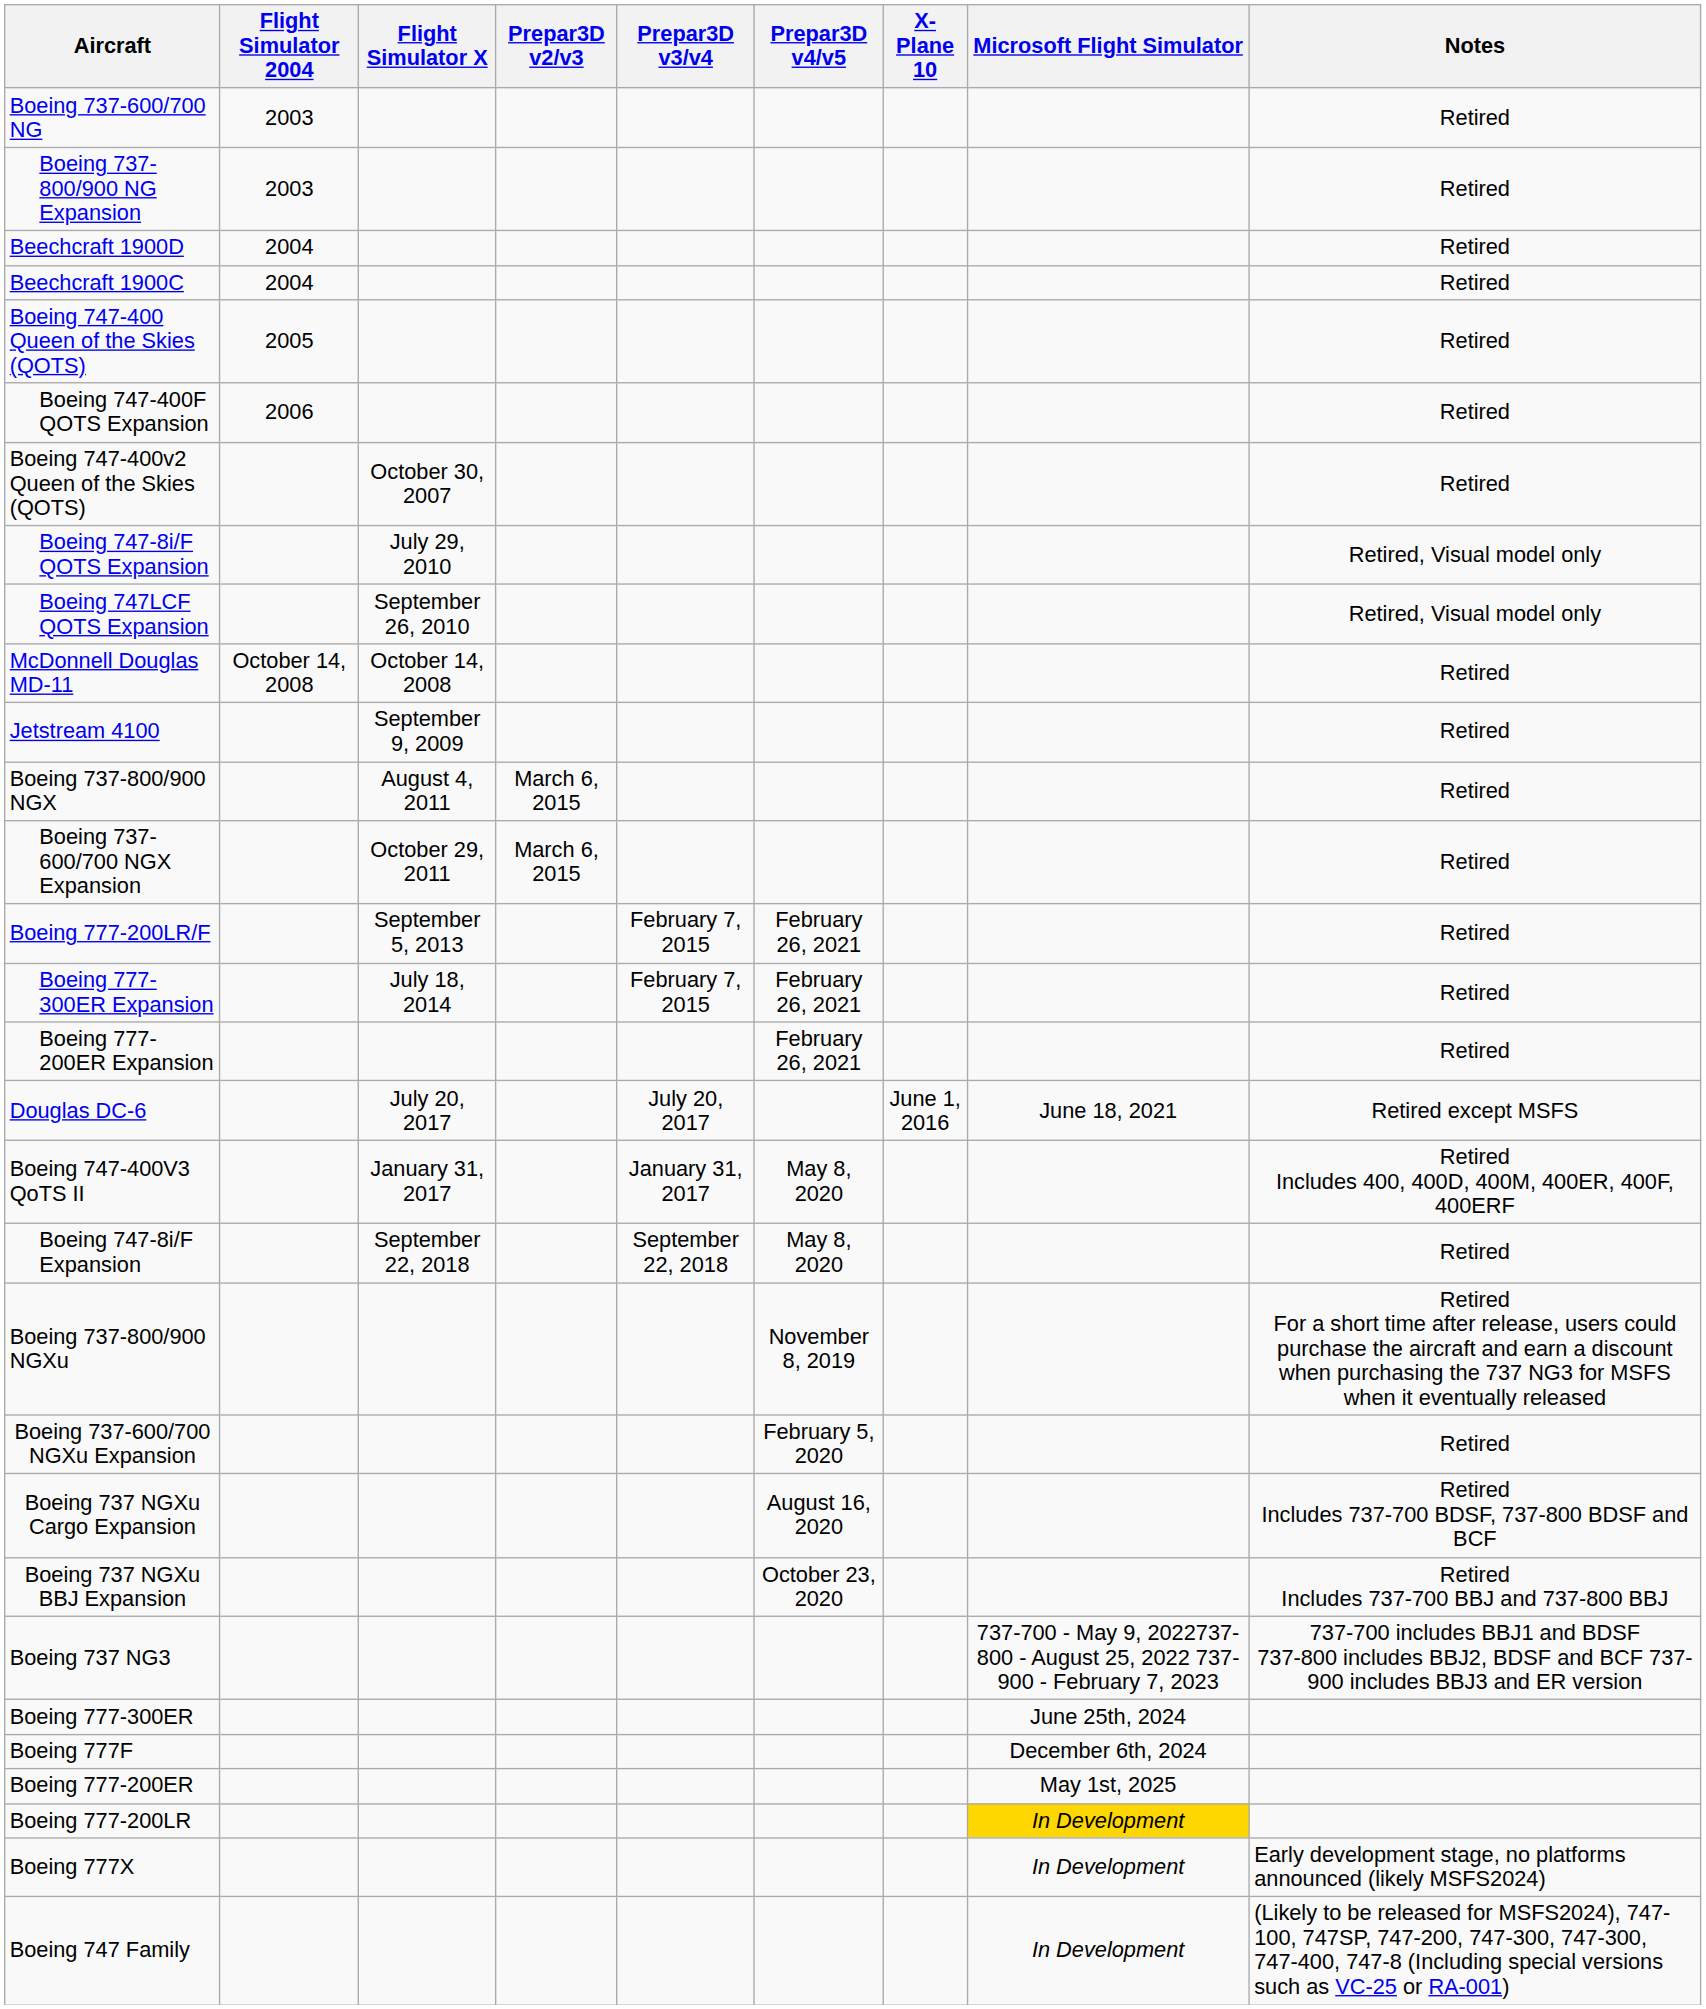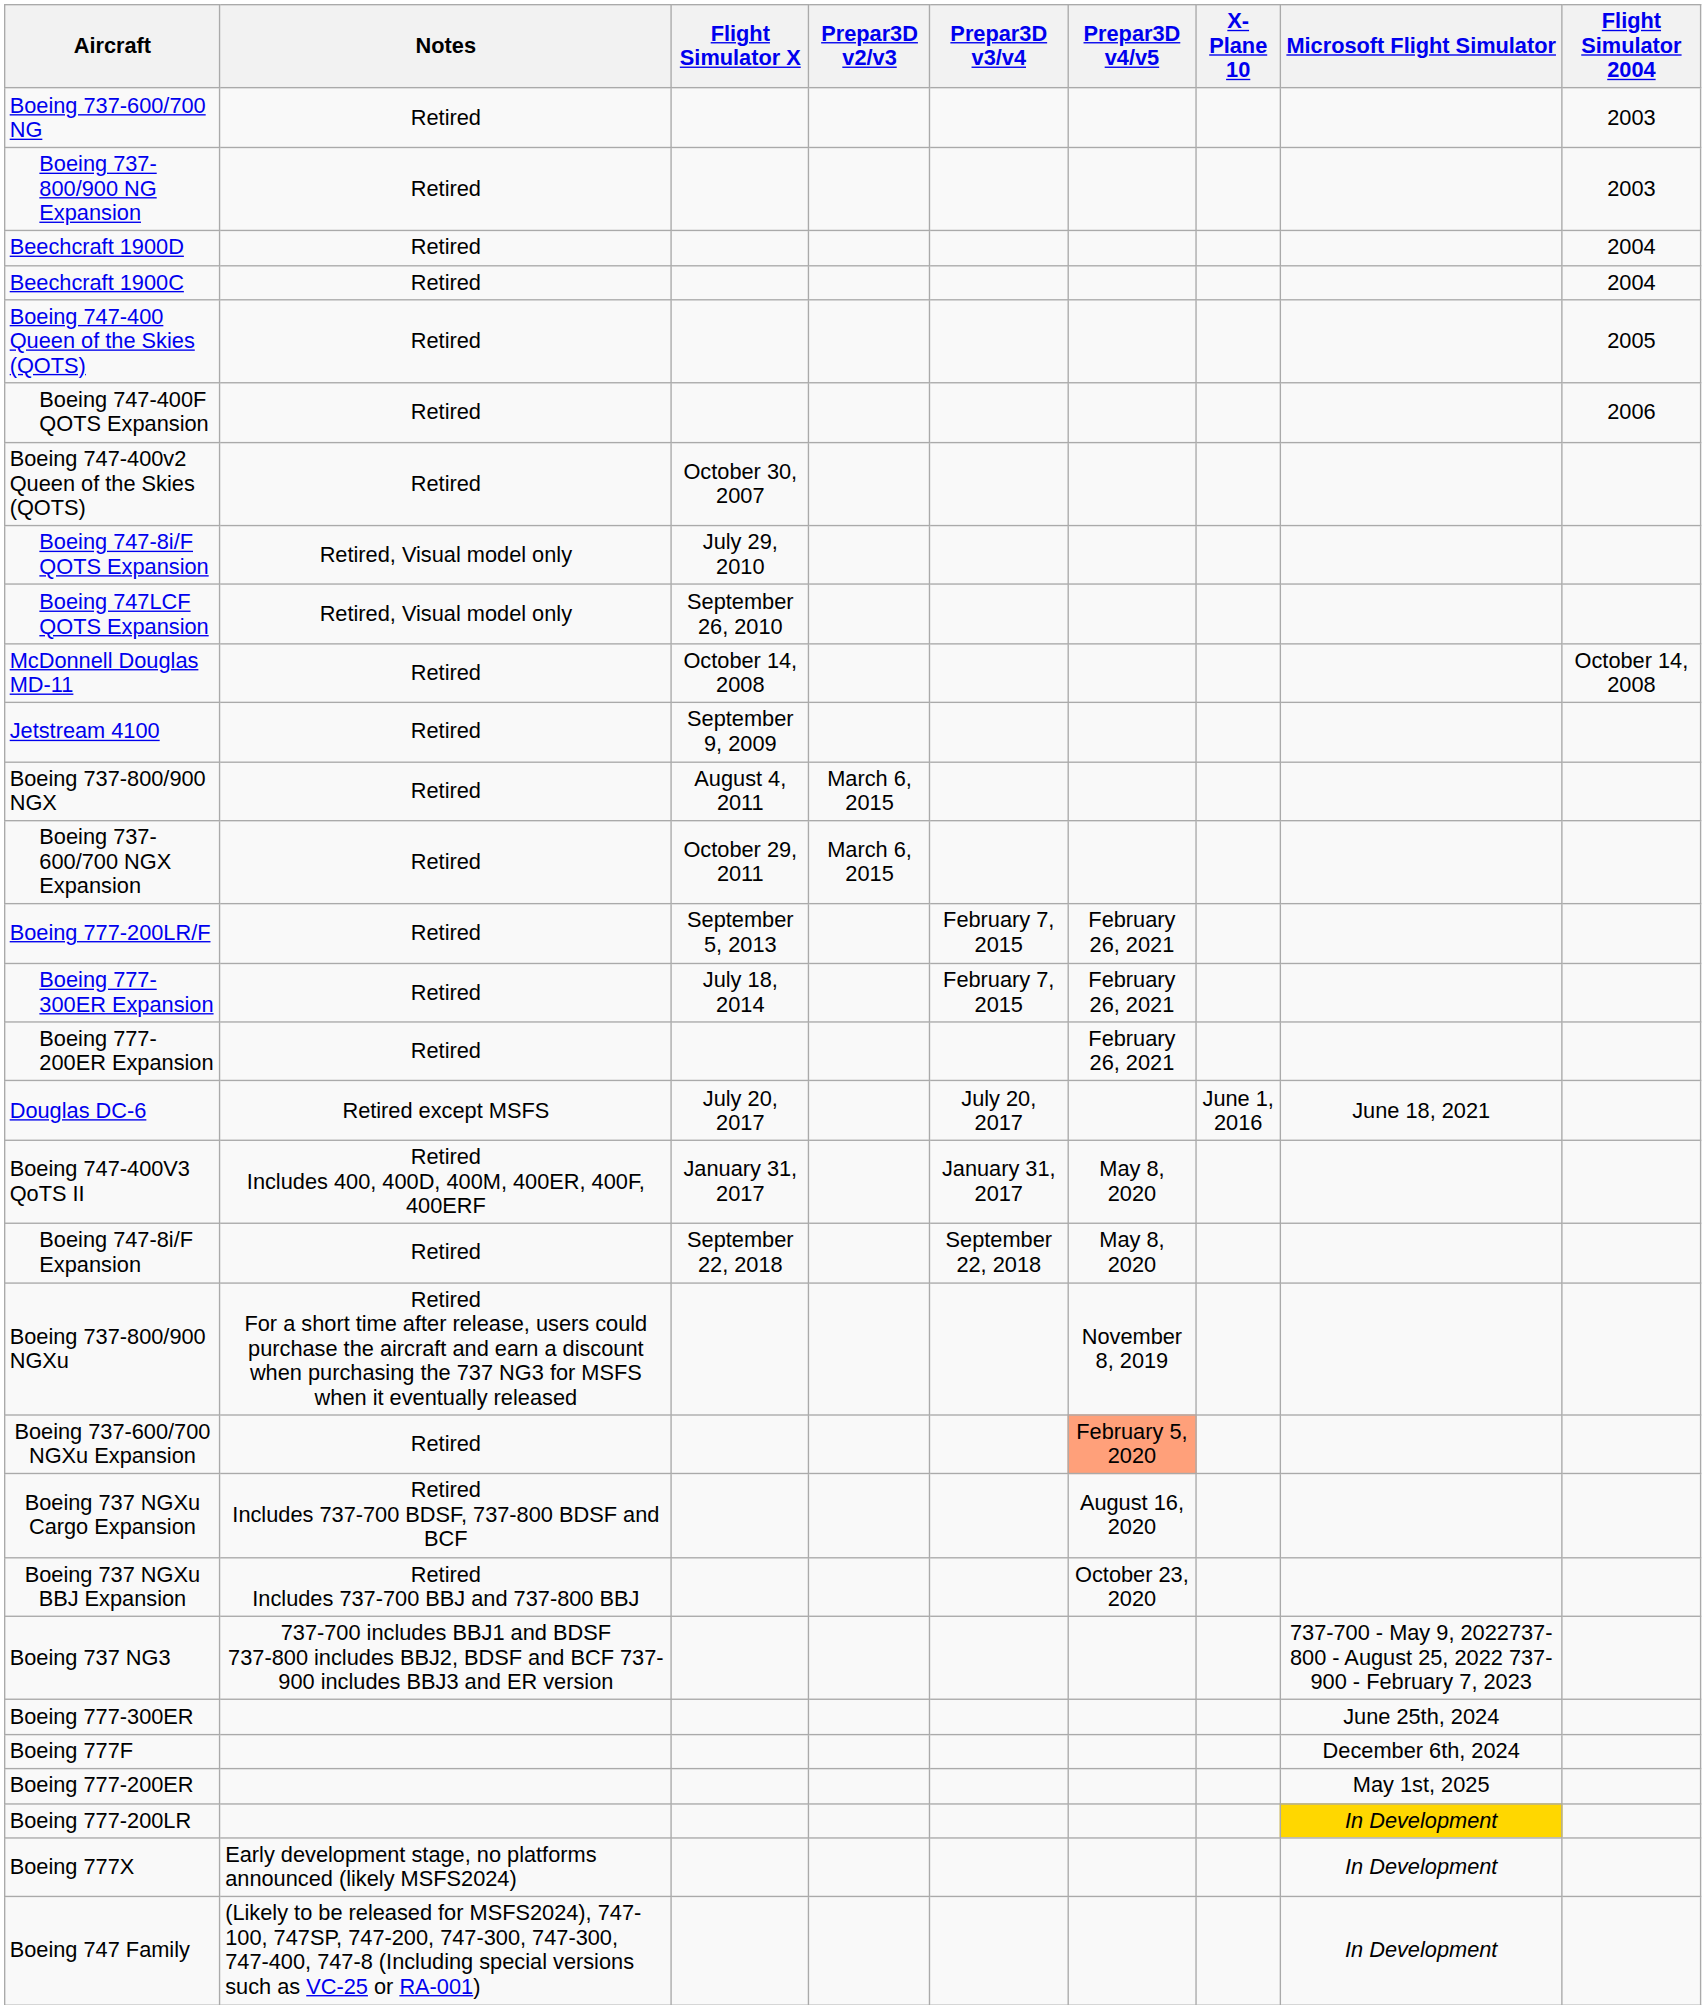 <table class="wikitable" border="1">
 <tr>
 <th>Aircraft</th>
-<th><a href='#'>Flight Simulator 2004</a></th>
+<th>Notes</th>
 <th><a href='#'>Flight Simulator X</a></th>
 <th><a href='#'>Prepar3D v2/v3</a></th>
 <th><a href='#'>Prepar3D v3/v4</a></th>
 <th><a href='#'>Prepar3D v4/v5</a></th>
 <th><a href='#'>X-Plane 10</a></th>
 <th><a href='#'>Microsoft Flight Simulator</a></th>
-<th>Notes</th>
+<th><a href='#'>Flight Simulator 2004</a></th>
 </tr>
 <tr>
 <td><a href='#'>Boeing 737-600/700 NG</a></td>
-<td style="text-align: center;">2003</td>
+<td style="text-align: center;">Retired</td>
 <td></td>
 <td></td>
 <td></td>
 <td></td>
 <td></td>
 <td></td>
-<td style="text-align: center;">Retired</td>
+<td style="text-align: center;">2003</td>
 </tr>
 <tr>
 <td style="padding-left: 25px;"><a href='#'>Boeing 737-800/900 NG Expansion</a></td>
-<td style="text-align: center;">2003</td>
+<td style="text-align: center;">Retired</td>
 <td></td>
 <td></td>
 <td></td>
 <td></td>
 <td></td>
 <td></td>
-<td style="text-align: center;">Retired</td>
+<td style="text-align: center;">2003</td>
 </tr>
 <tr>
 <td><a href='#'>Beechcraft 1900D</a></td>
-<td style="text-align: center;">2004</td>
+<td style="text-align: center;">Retired</td>
 <td></td>
 <td></td>
 <td></td>
 <td></td>
 <td></td>
 <td></td>
-<td style="text-align: center;">Retired</td>
+<td style="text-align: center;">2004</td>
 </tr>
 <tr>
 <td><a href='#'>Beechcraft 1900C</a></td>
-<td style="text-align: center;">2004</td>
+<td style="text-align: center;">Retired</td>
 <td></td>
 <td></td>
 <td></td>
 <td></td>
 <td></td>
 <td></td>
-<td style="text-align: center;">Retired</td>
+<td style="text-align: center;">2004</td>
 </tr>
 <tr>
 <td><a href='#'>Boeing 747-400 Queen of the Skies (QOTS)</a></td>
-<td style="text-align: center;">2005</td>
+<td style="text-align: center;">Retired</td>
 <td></td>
 <td></td>
 <td></td>
 <td></td>
 <td></td>
 <td></td>
-<td style="text-align: center;">Retired</td>
+<td style="text-align: center;">2005</td>
 </tr>
 <tr>
 <td style="padding-left: 25px;">Boeing 747-400F QOTS Expansion</td>
-<td style="text-align: center;">2006</td>
+<td style="text-align: center;">Retired</td>
 <td></td>
 <td></td>
 <td></td>
 <td></td>
 <td></td>
 <td></td>
-<td style="text-align: center;">Retired</td>
+<td style="text-align: center;">2006</td>
 </tr>
 <tr>
 <td>Boeing 747-400v2 Queen of the Skies (QOTS)</td>
-<td></td>
+<td style="text-align: center;">Retired</td>
 <td style="text-align: center;">October 30, 2007</td>
 <td></td>
 <td></td>
 <td></td>
 <td></td>
 <td></td>
-<td style="text-align: center;">Retired</td>
+<td></td>
 </tr>
 <tr>
 <td style="padding-left: 25px;"><a href='#'>Boeing 747-8i/F QOTS Expansion</a></td>
-<td></td>
+<td style="text-align: center;">Retired, Visual model only</td>
 <td style="text-align: center;">July 29, 2010</td>
 <td></td>
 <td></td>
 <td></td>
 <td></td>
 <td></td>
-<td style="text-align: center;">Retired, Visual model only</td>
+<td></td>
 </tr>
 <tr>
 <td style="padding-left: 25px;"><a href='#'>Boeing 747LCF QOTS Expansion</a></td>
-<td></td>
+<td style="text-align: center;">Retired, Visual model only</td>
 <td style="text-align: center;">September 26, 2010</td>
 <td></td>
 <td></td>
 <td></td>
 <td></td>
 <td></td>
-<td style="text-align: center;">Retired, Visual model only</td>
+<td></td>
 </tr>
 <tr>
 <td><a href='#'>McDonnell Douglas MD-11</a></td>
-<td style="text-align: center;">October 14, 2008</td>
+<td style="text-align: center;">Retired</td>
 <td style="text-align: center;">October 14, 2008</td>
 <td></td>
 <td></td>
 <td></td>
 <td></td>
 <td></td>
-<td style="text-align: center;">Retired</td>
+<td style="text-align: center;">October 14, 2008</td>
 </tr>
 <tr>
 <td><a href='#'>Jetstream 4100</a></td>
-<td></td>
+<td style="text-align: center;">Retired</td>
 <td style="text-align: center;">September 9, 2009</td>
 <td style="text-align: center;"></td>
 <td></td>
 <td></td>
 <td></td>
 <td></td>
-<td style="text-align: center;">Retired</td>
+<td></td>
 </tr>
 <tr>
 <td>Boeing 737-800/900 NGX</td>
-<td></td>
+<td style="text-align: center;">Retired</td>
 <td style="text-align: center;">August 4, 2011</td>
 <td style="text-align: center;">March 6, 2015</td>
 <td></td>
 <td></td>
 <td></td>
 <td></td>
-<td style="text-align: center;">Retired</td>
+<td></td>
 </tr>
 <tr>
 <td style="padding-left: 25px;">Boeing 737-600/700 NGX Expansion</td>
-<td></td>
+<td style="text-align: center;">Retired</td>
 <td style="text-align: center;">October 29, 2011</td>
 <td style="text-align: center;">March 6, 2015</td>
 <td></td>
 <td></td>
 <td></td>
 <td></td>
-<td style="text-align: center;">Retired</td>
+<td></td>
 </tr>
 <tr>
 <td><a href='#'>Boeing 777-200LR/F</a></td>
-<td></td>
+<td style="text-align: center;">Retired</td>
 <td style="text-align: center;">September 5, 2013</td>
 <td style="text-align: center;"></td>
 <td style="text-align: center;">February 7, 2015</td>
 <td style="text-align: center;">February 26, 2021</td>
 <td></td>
 <td></td>
-<td style="text-align: center;">Retired</td>
+<td></td>
 </tr>
 <tr>
 <td style="padding-left: 25px;"><a href='#'>Boeing 777-300ER Expansion</a></td>
-<td></td>
+<td style="text-align: center;">Retired</td>
 <td style="text-align: center;">July 18, 2014</td>
 <td style="text-align: center;"></td>
 <td style="text-align: center;">February 7, 2015</td>
 <td style="text-align: center;">February 26, 2021</td>
 <td></td>
 <td></td>
-<td style="text-align: center;">Retired</td>
+<td></td>
 </tr>
 <tr>
 <td style="padding-left: 25px;">Boeing 777-200ER Expansion</td>
-<td></td>
+<td style="text-align: center;">Retired</td>
 <td></td>
 <td></td>
 <td></td>
 <td style="text-align: center;">February 26, 2021</td>
 <td></td>
 <td></td>
-<td style="text-align: center;">Retired</td>
+<td></td>
 </tr>
 <tr>
 <td><a href='#'>Douglas DC-6</a></td>
-<td></td>
+<td style="text-align: center;">Retired except MSFS</td>
 <td style="text-align: center;">July 20, 2017</td>
 <td style="text-align: center;"></td>
 <td style="text-align: center;">July 20, 2017</td>
 <td></td>
 <td style="text-align: center;">June 1, 2016</td>
 <td style="text-align: center;">June 18, 2021</td>
-<td style="text-align: center;">Retired except MSFS</td>
+<td></td>
 </tr>
 <tr>
 <td>Boeing 747-400V3 QoTS II</td>
-<td></td>
+<td style="text-align: center;">Retired<br>Includes 400, 400D, 400M, 400ER, 400F, 400ERF</td>
 <td style="text-align: center;">January 31, 2017</td>
 <td style="text-align: center;"></td>
 <td style="text-align: center;">January 31, 2017</td>
 <td style="text-align: center;">May 8, 2020</td>
 <td></td>
 <td></td>
-<td style="text-align: center;">Retired<br>Includes 400, 400D, 400M, 400ER, 400F, 400ERF</td>
+<td></td>
 </tr>
 <tr>
 <td style="padding-left: 25px;">Boeing 747-8i/F Expansion</td>
-<td></td>
+<td style="text-align: center;">Retired</td>
 <td style="text-align: center;">September 22, 2018</td>
 <td style="text-align: center;"></td>
 <td style="text-align: center;">September 22, 2018</td>
 <td style="text-align: center;">May 8, 2020</td>
 <td></td>
 <td></td>
-<td style="text-align: center;">Retired</td>
+<td></td>
 </tr>
 <tr>
 <td>Boeing 737-800/900 NGXu</td>
-<td></td>
+<td style="text-align: center;">Retired<br>For a short time after release, users could purchase the aircraft and earn a discount when purchasing the 737 NG3 for MSFS when it eventually released</td>
 <td></td>
 <td style="text-align: center;"></td>
 <td></td>
 <td style="text-align: center;">November 8, 2019</td>
 <td></td>
 <td></td>
-<td style="text-align: center;">Retired<br>For a short time after release, users could purchase the aircraft and earn a discount when purchasing the 737 NG3 for MSFS when it eventually released</td>
+<td></td>
 </tr>
 <tr>
 <td style="text-align: center;">Boeing 737-600/700 NGXu Expansion</td>
-<td></td>
+<td style="text-align: center;">Retired</td>
 <td></td>
 <td style="text-align: center;"></td>
 <td></td>
-<td style="text-align: center;">February 5, 2020</td>
+<td style="background: lightsalmon; text-align: center;">February 5, 2020</td>
 <td></td>
 <td></td>
-<td style="text-align: center;">Retired</td>
+<td></td>
 </tr>
 <tr style="text-align: center;">
 <td>Boeing 737 NGXu Cargo Expansion</td>
-<td></td>
+<td style="text-align: center;">Retired<br>Includes 737-700 BDSF, 737-800 BDSF and BCF</td>
 <td></td>
 <td></td>
 <td></td>
 <td style="text-align: center;">August 16, 2020</td>
 <td></td>
 <td></td>
-<td style="text-align: center;">Retired<br>Includes 737-700 BDSF, 737-800 BDSF and BCF</td>
+<td></td>
 </tr>
 <tr style="text-align: center;">
 <td>Boeing 737 NGXu BBJ Expansion</td>
-<td></td>
+<td style="text-align: center;">Retired<br>Includes 737-700 BBJ and 737-800 BBJ</td>
 <td></td>
 <td></td>
 <td></td>
 <td style="text-align: center;">October 23, 2020</td>
 <td></td>
 <td></td>
-<td style="text-align: center;">Retired<br>Includes 737-700 BBJ and 737-800 BBJ</td>
+<td></td>
 </tr>
 <tr>
 <td>Boeing 737 NG3</td>
-<td></td>
+<td style="text-align: center;">737-700 includes BBJ1 and BDSF<br>737-800 includes BBJ2, BDSF and BCF 737-900 includes BBJ3 and ER version</td>
 <td style="text-align: center;"></td>
 <td style="text-align: center;"></td>
 <td></td>
 <td></td>
 <td></td>
 <td style="text-align: center;">737-700 - May 9, 2022737-800 - August 25, 2022 737-900 - February 7, 2023</td>
-<td style="text-align: center;">737-700 includes BBJ1 and BDSF<br>737-800 includes BBJ2, BDSF and BCF 737-900 includes BBJ3 and ER version</td>
+<td></td>
 </tr>
 <tr>
 <td>Boeing 777-300ER</td>
 <td></td>
 <td></td>
 <td></td>
 <td></td>
 <td></td>
 <td></td>
 <td style="text-align: center;">June 25th, 2024</td>
 <td></td>
 </tr>
 <tr>
 <td>Boeing 777F</td>
 <td></td>
 <td></td>
 <td></td>
 <td></td>
 <td></td>
 <td></td>
 <td style="text-align: center;">December 6th, 2024</td>
 <td></td>
 </tr>
 <tr>
 <td>Boeing 777-200ER</td>
 <td></td>
 <td></td>
 <td></td>
 <td></td>
 <td></td>
 <td></td>
 <td style="text-align: center;">May 1st, 2025</td>
 <td></td>
 </tr>
 <tr>
 <td>Boeing 777-200LR</td>
 <td></td>
 <td></td>
 <td></td>
 <td></td>
 <td></td>
 <td></td>
 <td style="background: gold; text-align: center;"><em>In Development</em></td>
 <td></td>
 </tr>
 <tr>
 <td>Boeing 777X</td>
-<td></td>
+<td>Early development stage, no platforms announced (likely MSFS2024)</td>
 <td></td>
 <td></td>
 <td></td>
 <td></td>
 <td></td>
 <td style="text-align: center;"><em>In Development</em></td>
-<td>Early development stage, no platforms announced (likely MSFS2024)</td>
+<td></td>
 </tr>
 <tr>
 <td>Boeing 747 Family</td>
-<td></td>
+<td>(Likely to be released for MSFS2024), 747-100, 747SP, 747-200, 747-300, 747-300, 747-400, 747-8 (Including special versions such as <a href='#'>VC-25</a> or <a href='#'>RA-001</a>)</td>
 <td></td>
 <td></td>
 <td></td>
 <td></td>
 <td></td>
 <td style="text-align: center;"><em>In Development</em></td>
-<td>(Likely to be released for MSFS2024), 747-100, 747SP, 747-200, 747-300, 747-300, 747-400, 747-8 (Including special versions such as <a href='#'>VC-25</a> or <a href='#'>RA-001</a>)</td>
+<td></td>
 </tr>
 </table>
